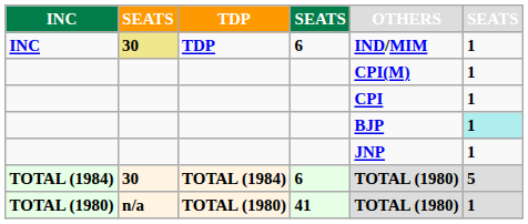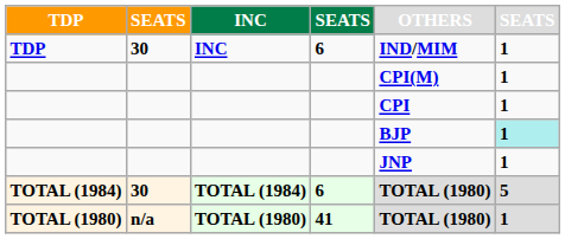 <table class="wikitable" style="font-weight: bold; font-size: x-small; font-family: verdana">
 <tr>
+<th style="background-color:#FF9900; color:white">TDP</th>
+<th style="background-color:#FF9900; color:white">SEATS</th>
 <th style="background-color:#007D48; color:white">INC</th>
-<th style="background-color:#FF9900; color:white">SEATS</th>
-<th style="background-color:#FF9900; color:white">TDP</th>
 <th style="background-color:#007D48; color:white">SEATS</th>
 <th style="background-color:#DDDDDD; color:white">OTHERS</th>
 <th style="background-color:#DDDDDD; color:white">SEATS</th>
 </tr>
 <tr --->
+<td><a href='#'>TDP</a></td>
+<td>30</td>
 <td><a href='#'>INC</a></td>
-<td style="background: khaki;">30</td>
-<td><a href='#'>TDP</a></td>
 <td>6</td>
 <td><a href='#'>IND</a>/<a href='#'>MIM</a></td>
 <td>1</td>
 </tr>
 <tr --->
 <td></td>
 <td></td>
 <td></td>
 <td></td>
 <td><a href='#'>CPI(M)</a></td>
 <td>1</td>
 </tr>
 <tr --->
 <td></td>
 <td></td>
 <td></td>
 <td></td>
 <td><a href='#'>CPI</a></td>
 <td>1</td>
 </tr>
 <tr --->
 <td></td>
 <td></td>
 <td></td>
 <td></td>
 <td><a href='#'>BJP</a></td>
 <td style="background: paleturquoise;">1</td>
 </tr>
 <tr --->
 <td></td>
 <td></td>
 <td></td>
 <td></td>
 <td><a href='#'>JNP</a></td>
 <td>1</td>
 </tr>
 <tr --->
+<td bgcolor=#FFF3E1>TOTAL (1984)</td>
+<td bgcolor=#FFF3E1>30</td>
 <td bgcolor=#E6FFE6>TOTAL (1984)</td>
-<td bgcolor=#FFF3E1>30</td>
-<td bgcolor=#FFF3E1>TOTAL (1984)</td>
 <td bgcolor=#E6FFE6>6</td>
 <td bgcolor=#DDDDDD>TOTAL (1980)</td>
 <td bgcolor=#DDDDDD>5</td>
 </tr>
 <tr --->
+<td bgcolor=#FFF3E1>TOTAL (1980)</td>
+<td bgcolor=#FFF3E1>n/a</td>
 <td bgcolor=#E6FFE6>TOTAL (1980)</td>
-<td bgcolor=#FFF3E1>n/a</td>
-<td bgcolor=#FFF3E1>TOTAL (1980)</td>
 <td bgcolor=#E6FFE6>41</td>
 <td bgcolor=#DDDDDD>TOTAL (1980)</td>
 <td bgcolor=#DDDDDD>1</td>
 </tr>
 </table>
